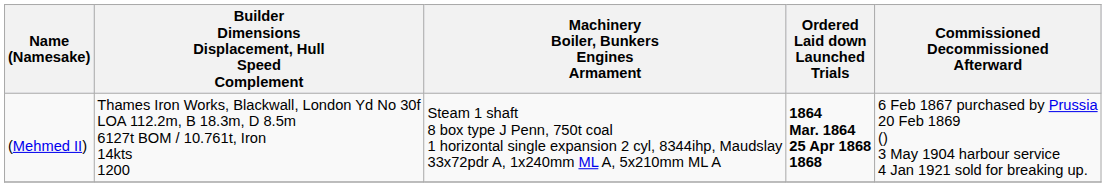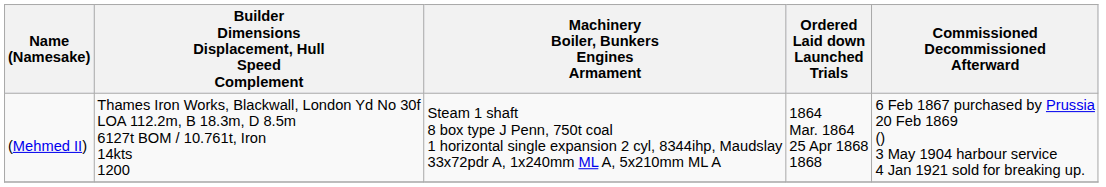 <table class="wikitable" style="font-size:90%;">
 <tr bgcolor="#e6e9ff">
 <th>Name<br>(Namesake)</th>
 <th>Builder<br>Dimensions<br>Displacement, Hull<br>Speed<br>Complement</th>
 <th>Machinery<br>Boiler, Bunkers<br>Engines<br>Armament</th>
 <th>Ordered<br>Laid down<br>Launched<br>Trials</th>
 <th>Commissioned<br>Decommissioned<br>Afterward</th>
 </tr>
 <tr ---->
 <td><br>(<a href='#'>Mehmed II</a>)</td>
 <td> Thames Iron Works, Blackwall, London Yd No 30f<br>LOA 112.2m, B 18.3m, D 8.5m<br>6127t BOM / 10.761t, Iron<br>14kts<br>1200</td>
 <td>Steam 1 shaft<br>8 box type J Penn, 750t coal<br>1 horizontal single expansion 2 cyl, 8344ihp, Maudslay<br>33x72pdr A, 1x240mm <a href='#'>ML</a> A, 5x210mm ML A</td>
-<td><strong>1864<br>Mar. 1864<br>25 Apr 1868<br>1868</strong></td>
+<td>1864<br>Mar. 1864<br>25 Apr 1868<br>1868</td>
 <td>6 Feb 1867 purchased by <a href='#'>Prussia</a><br> 20 Feb 1869<br>()<br>3 May 1904 harbour service<br>4 Jan 1921 sold for breaking up.</td>
 </tr>
 <tr ---->
 </tr>
 </table>
